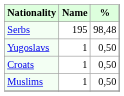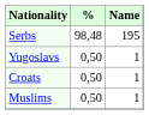 <table border=1 cellpadding=4 cellspacing=0 class="toccolours" style="align: center; margin: 0.5em 0 0 0; border-style: solid; border: 1px solid #999; border-right-width: 2px; border-bottom-width: 2px; border-collapse: collapse; font-size: 100%;">
 <tr>
 <td style="background:#ddffdd;"><strong>Nationality</strong></td>
+<td colspan=1 style="background:#ddffdd;" align="center"><strong>%</strong></td>
 <td colspan=1 style="background:#ddffdd;" align="center"><strong>Name</strong></td>
-<td colspan=1 style="background:#ddffdd;" align="center"><strong>%</strong></td>
 </tr>
 <tr>
 <td style="background:#f3fff3;"><a href='#'>Serbs</a></td>
+<td align="right">98,48</td>
 <td align="right">195</td>
-<td align="right">98,48</td>
 </tr>
 <tr>
 <td style="background:#f3fff3;"><a href='#'>Yugoslavs</a></td>
+<td align="right">0,50</td>
 <td align="right">1</td>
-<td align="right">0,50</td>
 </tr>
 <tr>
 <td style="background:#f3fff3;"><a href='#'>Croats</a></td>
+<td align="right">0,50</td>
 <td align="right">1</td>
-<td align="right">0,50</td>
 </tr>
 <tr>
 <td style="background:#f3fff3;"><a href='#'>Muslims</a></td>
+<td align="right">0,50</td>
 <td align="right">1</td>
-<td align="right">0,50</td>
 </tr>
 </table>
